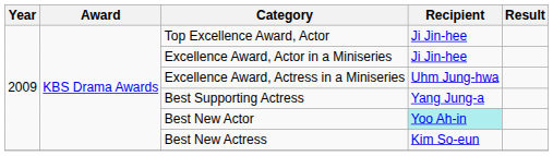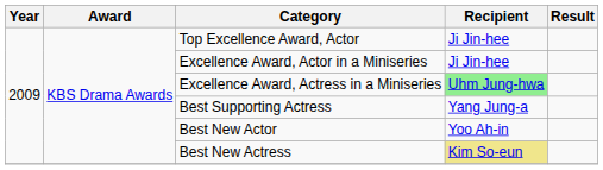 <table class="wikitable">
 <tr>
 <th>Year</th>
 <th>Award</th>
 <th>Category</th>
 <th>Recipient</th>
 <th>Result</th>
 </tr>
 <tr>
 <td rowspan=6>2009</td>
 <td rowspan=6><a href='#'>KBS Drama Awards</a></td>
 <td>Top Excellence Award, Actor</td>
 <td><a href='#'>Ji Jin-hee</a></td>
 <td></td>
 </tr>
 <tr>
 <td>Excellence Award, Actor in a Miniseries</td>
 <td><a href='#'>Ji Jin-hee</a></td>
 <td></td>
 </tr>
 <tr>
 <td>Excellence Award, Actress in a Miniseries</td>
-<td><a href='#'>Uhm Jung-hwa</a></td>
+<td style="background: lightgreen;"><a href='#'>Uhm Jung-hwa</a></td>
 <td></td>
 </tr>
 <tr>
 <td>Best Supporting Actress</td>
 <td><a href='#'>Yang Jung-a</a></td>
 <td></td>
 </tr>
 <tr>
 <td>Best New Actor</td>
-<td style="background: paleturquoise;"><a href='#'>Yoo Ah-in</a></td>
+<td><a href='#'>Yoo Ah-in</a></td>
 <td></td>
 </tr>
 <tr>
 <td>Best New Actress</td>
-<td><a href='#'>Kim So-eun</a></td>
+<td style="background: khaki;"><a href='#'>Kim So-eun</a></td>
 <td></td>
 </tr>
 <tr>
 </tr>
 </table>
